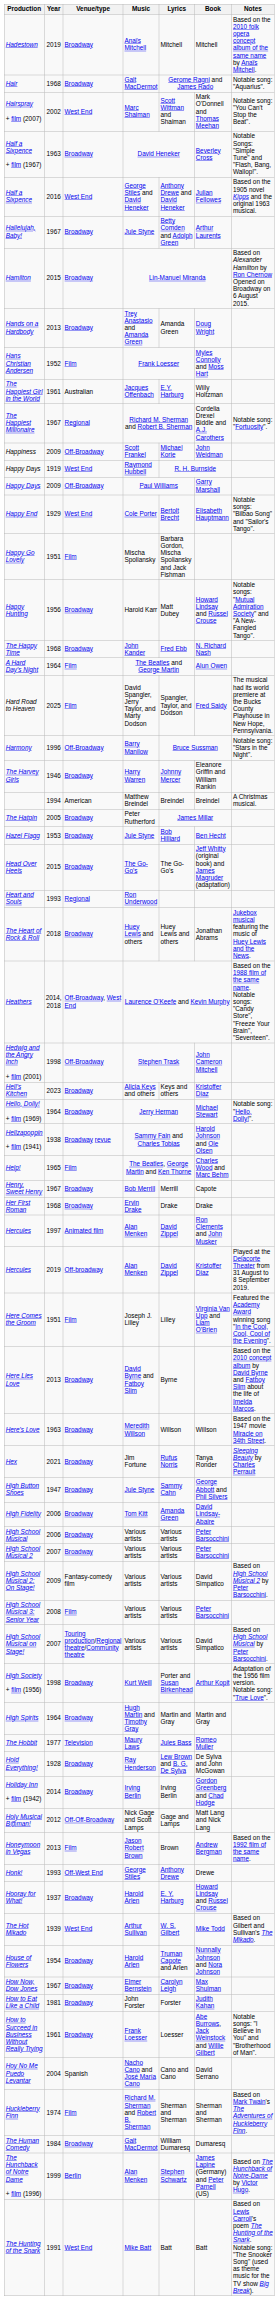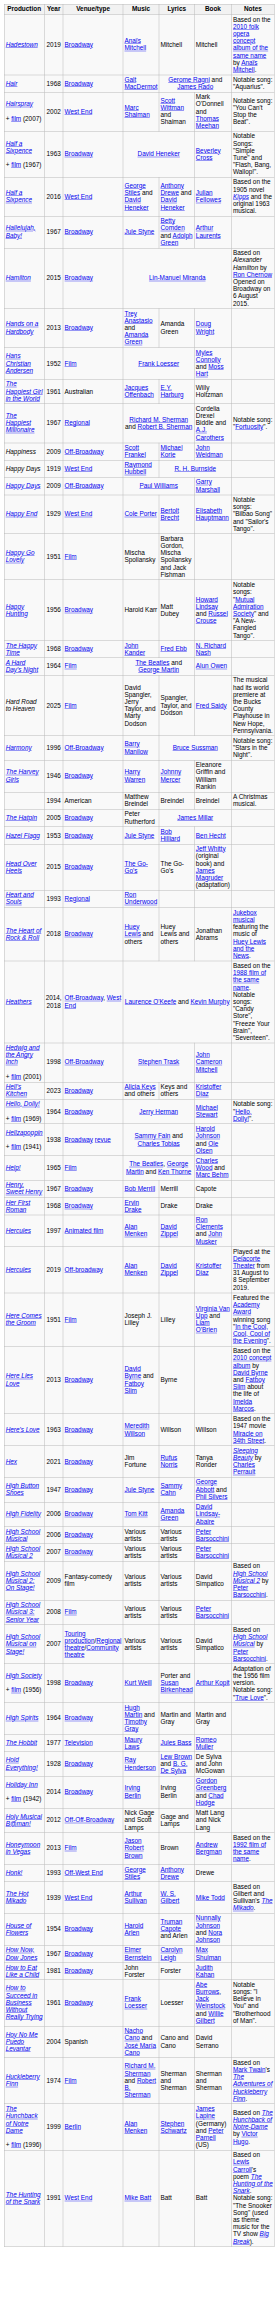 <table class="wikitable sortable">
 <tr>
 <th scope="col">Production</th>
 <th scope="col">Year</th>
 <th scope="col">Venue/type</th>
 <th scope="col">Music</th>
 <th scope="col">Lyrics</th>
 <th scope="col">Book</th>
 <th scope="col">Notes</th>
 </tr>
 <tr>
 <td><em><a href='#'>Hadestown</a></em></td>
 <td style="text-align: center">2019</td>
 <td><a href='#'>Broadway</a></td>
 <td><a href='#'>Anaïs Mitchell</a></td>
 <td>Mitchell</td>
 <td>Mitchell</td>
 <td>Based on the <a href='#'>2010 folk opera concept album of the same name</a> by <a href='#'>Anaïs Mitchell</a>.</td>
 </tr>
 <tr>
 <td><em><a href='#'>Hair</a></em></td>
 <td style="text-align: center">1968</td>
 <td><a href='#'>Broadway</a></td>
 <td><a href='#'>Galt MacDermot</a></td>
 <td colspan="2" style="text-align: center"><a href='#'>Gerome Ragni</a> and <a href='#'>James Rado</a></td>
 <td>Notable song: "Aquarius".</td>
 </tr>
 <tr>
 <td><em><a href='#'>Hairspray</a></em> <br><br>+ <a href='#'>film</a> (2007)</td>
 <td style="text-align: center">2002</td>
 <td><a href='#'>West End</a></td>
 <td><a href='#'>Marc Shaiman</a></td>
 <td><a href='#'>Scott Wittman</a> and Shaiman</td>
 <td>Mark O'Donnell and <a href='#'>Thomas Meehan</a></td>
 <td>Notable song: "You Can't Stop the Beat".</td>
 </tr>
 <tr>
 <td data-sort-value="Half a Sixpence 1963"><em><a href='#'>Half a Sixpence</a></em> <br><br>+ <a href='#'>film</a> (1967)</td>
 <td style="text-align: center">1963</td>
 <td><a href='#'>Broadway</a></td>
 <td colspan="2" style="text-align: center"><a href='#'>David Heneker</a></td>
 <td><a href='#'>Beverley Cross</a></td>
 <td>Notable Songs: "Simple Tune" and "Flash, Bang, Wallop!".</td>
 </tr>
 <tr>
 <td data-sort-value="Half a Sixpence 2016"><em><a href='#'>Half a Sixpence</a></em></td>
 <td style="text-align: center">2016</td>
 <td><a href='#'>West End</a></td>
 <td><a href='#'>George Stiles</a> and <a href='#'>David Heneker</a></td>
 <td><a href='#'>Anthony Drewe</a> and <a href='#'>David Heneker</a></td>
 <td><a href='#'>Julian Fellowes</a></td>
 <td>Based on the 1905 novel <em><a href='#'>Kipps</a></em> and the original 1963 musical.</td>
 </tr>
 <tr>
 <td data-sort-value="Hallelujah Baby"><em><a href='#'>Hallelujah, Baby!</a></em></td>
 <td style="text-align: center">1967</td>
 <td><a href='#'>Broadway</a></td>
 <td><a href='#'>Jule Styne</a></td>
 <td><a href='#'>Betty Comden</a> and <a href='#'>Adolph Green</a></td>
 <td><a href='#'>Arthur Laurents</a></td>
 <td></td>
 </tr>
 <tr>
 <td><em><a href='#'>Hamilton</a></em></td>
 <td style="text-align: center">2015</td>
 <td><a href='#'>Broadway</a></td>
 <td colspan="3" style="text-align: center"><a href='#'>Lin-Manuel Miranda</a></td>
 <td>Based on <em>Alexander Hamilton</em> by <a href='#'>Ron Chernow</a> <br> Opened on Broadway on 6 August 2015.</td>
 </tr>
 <tr>
 <td><em><a href='#'>Hands on a Hardbody</a></em></td>
 <td style="text-align: center">2013</td>
 <td><a href='#'>Broadway</a></td>
 <td><a href='#'>Trey Anastasio</a> and <a href='#'>Amanda Green</a></td>
 <td>Amanda Green</td>
 <td><a href='#'>Doug Wright</a></td>
 <td></td>
 </tr>
 <tr>
 <td><em><a href='#'>Hans Christian Andersen</a></em></td>
 <td style="text-align: center">1952</td>
 <td><a href='#'>Film</a></td>
 <td colspan="2" style="text-align: center"><a href='#'>Frank Loesser</a></td>
 <td><a href='#'>Myles Connolly</a> and <a href='#'>Moss Hart</a></td>
 <td></td>
 </tr>
 <tr>
 <td data-sort-value="Happiest Girl in the World"><em><a href='#'>The Happiest Girl in the World</a></em></td>
 <td style="text-align: center">1961</td>
 <td>Australian</td>
 <td><a href='#'>Jacques Offenbach</a></td>
 <td><a href='#'>E.Y. Harburg</a></td>
 <td>Willy Holtzman</td>
 <td></td>
 </tr>
 <tr>
 <td data-sort-value="Happiest Millionaire"><em><a href='#'>The Happiest Millionaire</a></em></td>
 <td style="text-align: center">1967</td>
 <td><a href='#'>Regional</a></td>
 <td colspan="2" style="text-align: center"><a href='#'>Richard M. Sherman</a> and <a href='#'>Robert B. Sherman</a></td>
 <td>Cordelia Drexel Biddle and <a href='#'>A.J. Carothers</a></td>
 <td>Notable song: "<a href='#'>Fortuosity</a>".</td>
 </tr>
 <tr>
 <td><em>Happiness</em></td>
 <td style="text-align: center">2009</td>
 <td><a href='#'>Off-Broadway</a></td>
 <td><a href='#'>Scott Frankel</a></td>
 <td><a href='#'>Michael Korie</a></td>
 <td><a href='#'>John Weidman</a></td>
 <td></td>
 </tr>
 <tr>
 <td data-sort-value="Happy Days 1919"><em>Happy Days</em></td>
 <td style="text-align: center">1919</td>
 <td><a href='#'>West End</a></td>
 <td><a href='#'>Raymond Hubbell</a></td>
 <td colspan="2" style="text-align: center"><a href='#'>R. H. Burnside</a></td>
 <td></td>
 </tr>
 <tr>
 <td data-sort-value="Happy Days 2009"><em><a href='#'>Happy Days</a></em></td>
 <td style="text-align: center">2009</td>
 <td><a href='#'>Off-Broadway</a></td>
 <td colspan="2" style="text-align: center"><a href='#'>Paul Williams</a></td>
 <td><a href='#'>Garry Marshall</a></td>
 <td></td>
 </tr>
 <tr>
 <td><em><a href='#'>Happy End</a></em></td>
 <td style="text-align: center">1929</td>
 <td><a href='#'>West End</a></td>
 <td><a href='#'>Cole Porter</a></td>
 <td><a href='#'>Bertolt Brecht</a></td>
 <td><a href='#'>Elisabeth Hauptmann</a></td>
 <td>Notable songs: "Bilbao Song" and "Sailor's Tango".</td>
 </tr>
 <tr>
 <td><em><a href='#'>Happy Go Lovely</a></em></td>
 <td style="text-align: center">1951</td>
 <td><a href='#'>Film</a></td>
 <td>Mischa Spoliansky</td>
 <td>Barbara Gordon, Mischa Spoliansky and Jack Fishman</td>
 <td></td>
 <td></td>
 </tr>
 <tr>
 <td><em><a href='#'>Happy Hunting</a></em></td>
 <td style="text-align: center">1956</td>
 <td><a href='#'>Broadway</a></td>
 <td>Harold Karr</td>
 <td>Matt Dubey</td>
 <td><a href='#'>Howard Lindsay</a> and <a href='#'>Russel Crouse</a></td>
 <td>Notable songs: "<a href='#'>Mutual Admiration Society</a>" and "A New-Fangled Tango".</td>
 </tr>
 <tr>
 <td data-sort-value="Happy Time"><em><a href='#'>The Happy Time</a></em></td>
 <td style="text-align: center">1968</td>
 <td><a href='#'>Broadway</a></td>
 <td><a href='#'>John Kander</a></td>
 <td><a href='#'>Fred Ebb</a></td>
 <td><a href='#'>N. Richard Nash</a></td>
 <td></td>
 </tr>
 <tr>
 <td data-sort-value="Hard Days Night"><em><a href='#'>A Hard Day's Night</a></em></td>
 <td style="text-align: center">1964</td>
 <td><a href='#'>Film</a></td>
 <td colspan="2" style="text-align: center"><a href='#'>The Beatles</a> and <br><a href='#'>George Martin</a></td>
 <td><a href='#'>Alun Owen</a></td>
 <td></td>
 </tr>
 <tr>
 <td><em>Hard Road to Heaven</em></td>
 <td style="text-align: center">2025</td>
 <td><a href='#'>Film</a></td>
 <td>David Spangler, Jerry Taylor, and Marty Dodson</td>
 <td>Spangler, Taylor, and Dodson</td>
 <td><a href='#'>Fred Saidy</a></td>
 <td>The musical had its world premiere at the Bucks County Playhouse in New Hope, Pennsylvania.</td>
 </tr>
 <tr>
 <td><em><a href='#'>Harmony</a></em></td>
 <td style="text-align: center">1996</td>
 <td><a href='#'>Off-Broadway</a></td>
 <td><a href='#'>Barry Manilow</a></td>
 <td colspan="2" style="text-align: center"><a href='#'>Bruce Sussman</a></td>
 <td>Notable song: "Stars in the Night".</td>
 </tr>
 <tr>
 <td data-sort-value="Harvey Girls"><em><a href='#'>The Harvey Girls</a></em></td>
 <td style="text-align: center">1946</td>
 <td><a href='#'>Broadway</a></td>
 <td><a href='#'>Harry Warren</a></td>
 <td><a href='#'>Johnny Mercer</a></td>
 <td>Eleanore Griffin and William Rankin</td>
 <td></td>
 </tr>
 <tr>
 <td data-sort-value="Hatful of Snow"></td>
 <td style="text-align: center">1994</td>
 <td>American</td>
 <td>Matthew Breindel</td>
 <td>Breindel</td>
 <td>Breindel</td>
 <td>A Christmas musical.</td>
 </tr>
 <tr>
 <td data-sort-value="Hatpin"><em><a href='#'>The Hatpin</a></em></td>
 <td style="text-align: center">2005</td>
 <td><a href='#'>Broadway</a></td>
 <td>Peter Rutherford</td>
 <td colspan="2" style="text-align: center"><a href='#'>James Millar</a></td>
 <td></td>
 </tr>
 <tr>
 <td><em><a href='#'>Hazel Flagg</a></em></td>
 <td style="text-align: center">1953</td>
 <td><a href='#'>Broadway</a></td>
 <td><a href='#'>Jule Styne</a></td>
 <td><a href='#'>Bob Hilliard</a></td>
 <td><a href='#'>Ben Hecht</a></td>
 <td></td>
 </tr>
 <tr>
 <td><em><a href='#'>Head Over Heels</a></em></td>
 <td style="text-align: center">2015</td>
 <td><a href='#'>Broadway</a></td>
 <td><a href='#'>The Go-Go's</a></td>
 <td>The Go-Go's</td>
 <td><a href='#'>Jeff Whitty</a> (original book) and <a href='#'>James Magruder</a> (adaptation)</td>
 <td></td>
 </tr>
 <tr>
 <td><em><a href='#'>Heart and Souls</a></em></td>
 <td style="text-align: center">1993</td>
 <td><a href='#'>Regional</a></td>
 <td><a href='#'>Ron Underwood</a></td>
 <td></td>
 <td></td>
 <td></td>
 </tr>
 <tr>
 <td><em><a href='#'>The Heart of Rock & Roll</a></em></td>
 <td style="text-align: center">2018</td>
 <td><a href='#'>Broadway</a></td>
 <td><a href='#'>Huey Lewis</a> and others</td>
 <td>Huey Lewis and others</td>
 <td>Jonathan Abrams</td>
 <td><a href='#'>Jukebox musical</a> featuring the music of <a href='#'>Huey Lewis and the News</a>.</td>
 </tr>
 <tr>
 <td><em><a href='#'>Heathers</a></em></td>
 <td style="text-align: center">2014, 2018</td>
 <td><a href='#'>Off-Broadway</a>, <a href='#'>West End</a></td>
 <td colspan="3" style="text-align: center"><a href='#'>Laurence O'Keefe</a> and <a href='#'>Kevin Murphy</a></td>
 <td>Based on the <a href='#'>1988 film of the same name</a>. Notable songs: "Candy Store", "Freeze Your Brain", "Seventeen".</td>
 </tr>
 <tr>
 <td><em><a href='#'>Hedwig and the Angry Inch</a></em> <br><br>+ <a href='#'>film</a> (2001)</td>
 <td style="text-align: center">1998</td>
 <td><a href='#'>Off-Broadway</a></td>
 <td colspan="2" style="text-align: center"><a href='#'>Stephen Trask</a></td>
 <td><a href='#'>John Cameron Mitchell</a></td>
 <td></td>
 </tr>
 <tr>
 <td><em> <a href='#'>Hell's Kitchen</a></em></td>
 <td style="text-align: center">2023</td>
 <td><a href='#'>Broadway</a></td>
 <td><a href='#'>Alicia Keys</a> and others</td>
 <td>Keys and others</td>
 <td><a href='#'>Kristoffer Diaz</a></td>
 <td></td>
 </tr>
 <tr>
 <td data-sort-value="Hello Dolly"><em><a href='#'>Hello, Dolly!</a></em> <br><br>+ <a href='#'>film</a> (1969)</td>
 <td style="text-align: center">1964</td>
 <td><a href='#'>Broadway</a></td>
 <td colspan="2" style="text-align: center"><a href='#'>Jerry Herman</a></td>
 <td><a href='#'>Michael Stewart</a></td>
 <td>Notable song: "<a href='#'>Hello, Dolly!</a>".</td>
 </tr>
 <tr>
 <td><em><a href='#'>Hellzapoppin</a></em> <br><br>+ <a href='#'>film</a> (1941)</td>
 <td style="text-align: center">1938</td>
 <td><a href='#'>Broadway</a> <a href='#'>revue</a></td>
 <td colspan="2" style="text-align: center"><a href='#'>Sammy Fain</a> and <a href='#'>Charles Tobias</a></td>
 <td><a href='#'>Harold Johnson</a> and <a href='#'>Ole Olsen</a></td>
 <td></td>
 </tr>
 <tr>
 <td data-sort-value="Help"><em><a href='#'>Help!</a></em></td>
 <td style="text-align: center">1965</td>
 <td><a href='#'>Film</a></td>
 <td colspan="2" style="text-align: center"><a href='#'>The Beatles</a>, <a href='#'>George Martin</a> and <a href='#'>Ken Thorne</a></td>
 <td><a href='#'>Charles Wood</a> and <a href='#'>Marc Behm</a></td>
 <td></td>
 </tr>
 <tr>
 <td data-sort-value="Henry Sweet Henry"><em><a href='#'>Henry, Sweet Henry</a></em></td>
 <td style="text-align: center">1967</td>
 <td><a href='#'>Broadway</a></td>
 <td><a href='#'>Bob Merrill</a></td>
 <td>Merrill</td>
 <td>Capote</td>
 <td></td>
 </tr>
 <tr>
 <td><em><a href='#'>Her First Roman</a></em></td>
 <td style="text-align: center">1968</td>
 <td><a href='#'>Broadway</a></td>
 <td><a href='#'>Ervin Drake</a></td>
 <td>Drake</td>
 <td>Drake</td>
 <td></td>
 </tr>
 <tr>
 <td data-sort-value="Hercules 1997"><em><a href='#'>Hercules</a></em></td>
 <td style="text-align: center">1997</td>
 <td><a href='#'>Animated film</a></td>
 <td><a href='#'>Alan Menken</a></td>
 <td><a href='#'>David Zippel</a></td>
 <td><a href='#'>Ron Clements</a> and <a href='#'>John Musker</a></td>
 <td></td>
 </tr>
 <tr>
 <td data-sort-value="Hercules 2019"><em><a href='#'>Hercules</a></em></td>
 <td style="text-align: center">2019</td>
 <td><a href='#'>Off-broadway</a></td>
 <td><a href='#'>Alan Menken</a></td>
 <td><a href='#'>David Zippel</a></td>
 <td><a href='#'>Kristoffer Diaz</a></td>
 <td>Played at the <a href='#'>Delacorte Theater</a> from 31 August to 8 September 2019.</td>
 </tr>
 <tr>
 <td><em><a href='#'>Here Comes the Groom</a></em></td>
 <td style="text-align: center">1951</td>
 <td><a href='#'>Film</a></td>
 <td>Joseph J. Lilley</td>
 <td>Lilley</td>
 <td><a href='#'>Virginia Van Upp</a> and <a href='#'>Liam O'Brien</a></td>
 <td>Featured the <a href='#'>Academy Award</a> winning song "<a href='#'>In the Cool, Cool, Cool of the Evening</a>".</td>
 </tr>
 <tr>
 <td><em><a href='#'>Here Lies Love</a></em></td>
 <td style="text-align: center">2013</td>
 <td><a href='#'>Broadway</a></td>
 <td><a href='#'>David Byrne</a> and <a href='#'>Fatboy Slim</a></td>
 <td>Byrne</td>
 <td></td>
 <td>Based on the <a href='#'>2010 concept album</a> by <a href='#'>David Byrne</a> and <a href='#'>Fatboy Slim</a> about the life of <a href='#'>Imelda Marcos</a>.</td>
 </tr>
 <tr>
 <td data-sort-value="Heres Love"><em><a href='#'>Here's Love</a></em></td>
 <td style="text-align: center">1963</td>
 <td><a href='#'>Broadway</a></td>
 <td><a href='#'>Meredith Willson</a></td>
 <td>Willson</td>
 <td>Willson</td>
 <td>Based on the 1947 movie <a href='#'>Miracle on 34th Street</a>.</td>
 </tr>
 <tr>
 <td><a href='#'><em>Hex</em></a></td>
 <td style="text-align: center">2021</td>
 <td><a href='#'>Broadway</a></td>
 <td>Jim Fortune</td>
 <td><a href='#'>Rufus Norris</a></td>
 <td>Tanya Ronder</td>
 <td><em><a href='#'>Sleeping Beauty</a></em> by <a href='#'>Charles Perrault</a></td>
 </tr>
 <tr>
 <td><em><a href='#'>High Button Shoes</a></em></td>
 <td style="text-align: center">1947</td>
 <td><a href='#'>Broadway</a></td>
 <td><a href='#'>Jule Styne</a></td>
 <td><a href='#'>Sammy Cahn</a></td>
 <td><a href='#'>George Abbott</a> and <a href='#'>Phil Silvers</a></td>
 <td></td>
 </tr>
 <tr>
 <td><em><a href='#'>High Fidelity</a></em></td>
 <td style="text-align: center">2006</td>
 <td><a href='#'>Broadway</a></td>
 <td><a href='#'>Tom Kitt</a></td>
 <td><a href='#'>Amanda Green</a></td>
 <td><a href='#'>David Lindsay-Abaire</a></td>
 <td></td>
 </tr>
 <tr>
 <td data-sort-value="High School Musical 1"><em><a href='#'>High School Musical</a></em></td>
 <td style="text-align: center">2006</td>
 <td><a href='#'>Broadway</a></td>
 <td>Various artists</td>
 <td>Various artists</td>
 <td><a href='#'>Peter Barsocchini</a></td>
 <td></td>
 </tr>
 <tr>
 <td><em><a href='#'>High School Musical 2</a></em></td>
 <td style="text-align: center">2007</td>
 <td><a href='#'>Broadway</a></td>
 <td>Various artists</td>
 <td>Various artists</td>
 <td><a href='#'>Peter Barsocchini</a></td>
 <td></td>
 </tr>
 <tr>
 <td><em><a href='#'>High School Musical 2: On Stage!</a></em></td>
 <td style="text-align: center">2009</td>
 <td>Fantasy-comedy film</td>
 <td>Various artists</td>
 <td>Various artists</td>
 <td>David Simpatico</td>
 <td>Based on <em><a href='#'>High School Musical 2</a></em> by <a href='#'>Peter Barsocchini</a>.</td>
 </tr>
 <tr>
 <td><em><a href='#'>High School Musical 3: Senior Year</a></em></td>
 <td style="text-align: center">2008</td>
 <td><a href='#'>Film</a></td>
 <td>Various artists</td>
 <td>Various artists</td>
 <td><a href='#'>Peter Barsocchini</a></td>
 <td></td>
 </tr>
 <tr>
 <td><em><a href='#'>High School Musical on Stage!</a></em></td>
 <td style="text-align: center">2007</td>
 <td><a href='#'>Touring production</a>/<a href='#'>Regional theatre</a>/<a href='#'>Community theatre</a></td>
 <td>Various artists</td>
 <td>Various artists</td>
 <td>David Simpatico</td>
 <td>Based on <em><a href='#'>High School Musical</a></em> by <a href='#'>Peter Barsocchini</a>.</td>
 </tr>
 <tr>
 <td><em><a href='#'>High Society</a></em> <br><br>+ <a href='#'>film</a> (1956)</td>
 <td style="text-align: center">1998</td>
 <td><a href='#'>Broadway</a></td>
 <td><a href='#'>Kurt Weill</a></td>
 <td>Porter and <a href='#'>Susan Birkenhead</a></td>
 <td><a href='#'>Arthur Kopit</a></td>
 <td>Adaptation of the 1956 film version. Notable song: "<a href='#'>True Love</a>".</td>
 </tr>
 <tr>
 <td><em><a href='#'>High Spirits</a></em></td>
 <td style="text-align: center">1964</td>
 <td><a href='#'>Broadway</a></td>
 <td><a href='#'>Hugh Martin</a> and <a href='#'>Timothy Gray</a></td>
 <td>Martin and Gray</td>
 <td>Martin and Gray</td>
 <td></td>
 </tr>
 <tr>
 <td data-sort-value="Hobbit"><em><a href='#'>The Hobbit</a></em></td>
 <td style="text-align: center">1977</td>
 <td><a href='#'>Television</a></td>
 <td><a href='#'>Maury Laws</a></td>
 <td><a href='#'>Jules Bass</a></td>
 <td><a href='#'>Romeo Muller</a></td>
 <td></td>
 </tr>
 <tr>
 <td data-sort-value="Hold Everything"><em><a href='#'>Hold Everything!</a></em></td>
 <td style="text-align: center">1928</td>
 <td><a href='#'>Broadway</a></td>
 <td><a href='#'>Ray Henderson</a></td>
 <td><a href='#'>Lew Brown</a> and <a href='#'>B. G. De Sylva</a></td>
 <td>De Sylva and John McGowan</td>
 <td></td>
 </tr>
 <tr>
 <td><em><a href='#'>Holiday Inn</a></em> <br><br>+ <a href='#'>film</a> (1942)</td>
 <td style="text-align: center">2014</td>
 <td><a href='#'>Broadway</a></td>
 <td><a href='#'>Irving Berlin</a></td>
 <td>Irving Berlin</td>
 <td><a href='#'>Gordon Greenberg</a> and <a href='#'>Chad Hodge</a></td>
 <td></td>
 </tr>
 <tr>
 <td><em><a href='#'>Holy Musical B@man!</a></em></td>
 <td style="text-align: center">2012</td>
 <td><a href='#'>Off-Off-Broadway</a></td>
 <td>Nick Gage and Scott Lamps</td>
 <td>Gage and Lamps</td>
 <td>Matt Lang and Nick Lang</td>
 <td></td>
 </tr>
 <tr>
 <td><em><a href='#'>Honeymoon in Vegas</a></em></td>
 <td style="text-align: center">2013</td>
 <td><a href='#'>Film</a></td>
 <td><a href='#'>Jason Robert Brown</a></td>
 <td>Brown</td>
 <td><a href='#'>Andrew Bergman</a></td>
 <td>Based on the <a href='#'>1992 film of the same name</a>.</td>
 </tr>
 <tr>
 <td data-sort-value="Honk"><em><a href='#'>Honk!</a></em></td>
 <td style="text-align: center">1993</td>
 <td><a href='#'>Off-West End</a></td>
 <td><a href='#'>George Stiles</a></td>
 <td><a href='#'>Anthony Drewe</a></td>
 <td>Drewe</td>
 <td></td>
 </tr>
 <tr>
-<td data-sort-value="Hooray for What"><em><a href='#'>Hooray for What!</a></em></td>
-<td style="text-align: center">1937</td>
-<td><a href='#'>Broadway</a></td>
-<td><a href='#'>Harold Arlen</a></td>
-<td><a href='#'>E. Y. Harburg</a></td>
-<td><a href='#'>Howard Lindsay</a> and <a href='#'>Russel Crouse</a></td>
-<td></td>
-</tr>
-<tr>
 <td data-sort-value="Hot Mikado"><em><a href='#'>The Hot Mikado</a></em></td>
 <td style="text-align: center">1939</td>
 <td><a href='#'>West End</a></td>
 <td><a href='#'>Arthur Sullivan</a></td>
 <td><a href='#'>W. S. Gilbert</a></td>
 <td><a href='#'>Mike Todd</a></td>
 <td>Based on Gilbert and Sullivan's <em><a href='#'>The Mikado</a></em>.</td>
 </tr>
 <tr>
 <td><em><a href='#'>House of Flowers</a></em></td>
 <td style="text-align: center">1954</td>
 <td><a href='#'>Broadway</a></td>
 <td><a href='#'>Harold Arlen</a></td>
 <td><a href='#'>Truman Capote</a> and Arlen</td>
 <td><a href='#'>Nunnally Johnson</a> and <a href='#'>Nora Johnson</a></td>
 <td></td>
 </tr>
 <tr>
 <td data-sort-value="How Now Dow Jones"><em><a href='#'>How Now, Dow Jones</a></em></td>
 <td style="text-align: center">1967</td>
 <td><a href='#'>Broadway</a></td>
 <td><a href='#'>Elmer Bernstein</a></td>
 <td><a href='#'>Carolyn Leigh</a></td>
 <td><a href='#'>Max Shulman</a></td>
 <td></td>
 </tr>
 <tr>
 <td><em><a href='#'>How to Eat Like a Child</a></em></td>
 <td style="text-align: center">1981</td>
 <td><a href='#'>Broadway</a></td>
 <td>John Forster</td>
 <td>Forster</td>
 <td><a href='#'>Judith Kahan</a></td>
 <td></td>
 </tr>
 <tr>
 <td><em><a href='#'>How to Succeed in Business Without Really Trying</a></em></td>
 <td style="text-align: center">1961</td>
 <td><a href='#'>Broadway</a></td>
 <td><a href='#'>Frank Loesser</a></td>
 <td>Loesser</td>
 <td><a href='#'>Abe Burrows</a>, <a href='#'>Jack Weinstock</a> and <a href='#'>Willie Gilbert</a></td>
 <td>Notable songs: "I Believe in You" and "Brotherhood of Man".</td>
 </tr>
 <tr>
 <td><em><a href='#'>Hoy No Me Puedo Levantar</a></em></td>
 <td style="text-align: center">2004</td>
 <td>Spanish</td>
 <td><a href='#'>Nacho Cano</a> and <a href='#'>José María Cano</a></td>
 <td>Cano and Cano</td>
 <td>David Serrano</td>
 <td></td>
 </tr>
 <tr>
 <td><em><a href='#'>Huckleberry Finn</a></em></td>
 <td style="text-align: center">1974</td>
 <td><a href='#'>Film</a></td>
 <td><a href='#'>Richard M. Sherman</a> and <a href='#'>Robert B. Sherman</a></td>
 <td>Sherman and Sherman</td>
 <td>Sherman and Sherman</td>
 <td>Based on <a href='#'>Mark Twain</a>'s <em><a href='#'>The Adventures of Huckleberry Finn</a></em>.</td>
 </tr>
 <tr>
-<td data-sort-value="Human Comedy"><em><a href='#'>The Human Comedy</a></em></td>
-<td style="text-align: center">1984</td>
-<td><a href='#'>Broadway</a></td>
-<td><a href='#'>Galt MacDermot</a></td>
-<td>William Dumaresq</td>
-<td>Dumaresq</td>
-<td></td>
-</tr>
-<tr>
 <td data-sort-value="Hunchback of Notre Dame"><em><a href='#'>The Hunchback of Notre Dame</a></em> <br><br>+ <a href='#'>film</a> (1996)</td>
 <td style="text-align: center">1999</td>
 <td><a href='#'>Berlin</a></td>
 <td><a href='#'>Alan Menken</a></td>
 <td><a href='#'>Stephen Schwartz</a></td>
 <td><a href='#'>James Lapine</a> (Germany) and <a href='#'>Peter Parnell</a> (US)</td>
 <td>Based on <em><a href='#'>The Hunchback of Notre-Dame</a></em> by <a href='#'>Victor Hugo</a>.</td>
 </tr>
 <tr>
 <td data-sort-value="Hunting of the Snark"><em><a href='#'>The Hunting of the Snark</a></em></td>
 <td style="text-align: center">1991</td>
 <td><a href='#'>West End</a></td>
 <td><a href='#'>Mike Batt</a></td>
 <td>Batt</td>
 <td>Batt</td>
 <td>Based on <a href='#'>Lewis Carroll</a>'s poem <em><a href='#'>The Hunting of the Snark</a></em>. Notable song: "The Snooker Song" (used as theme music for the TV show <em><a href='#'>Big Break</a></em>).</td>
 </tr>
 </table>
